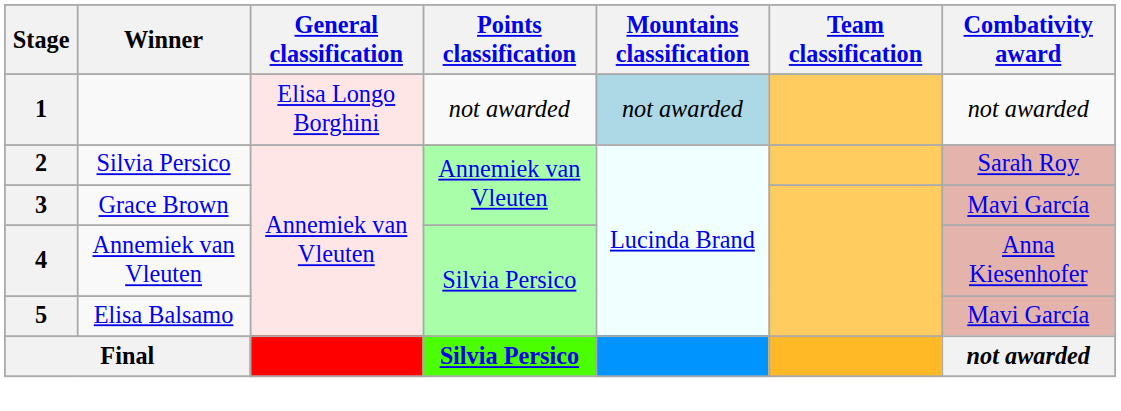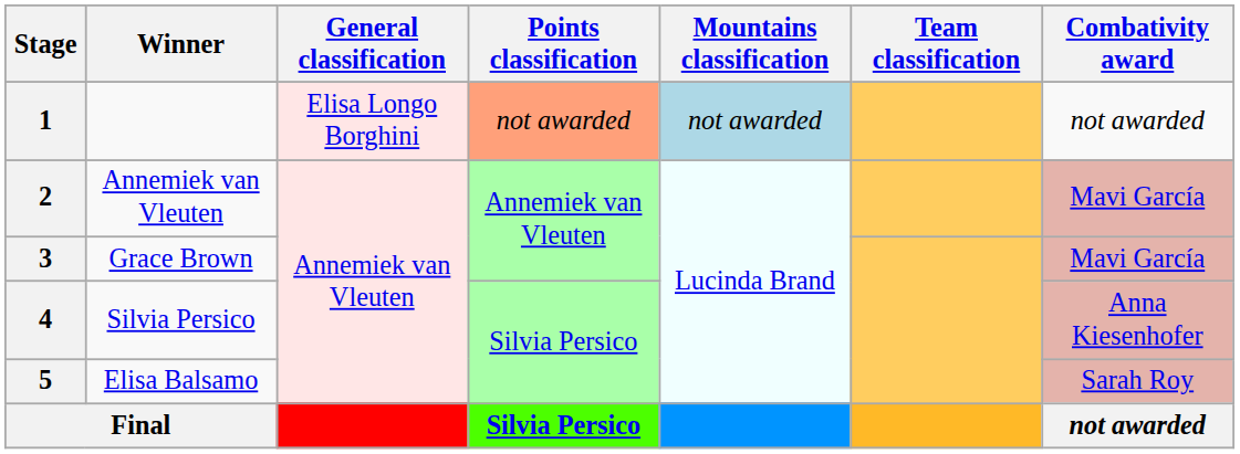 <table class="wikitable" style="text-align: center; font-size:smaller;">
 <tr style="background-color: #efefef;">
 <th scope="col" width="2%">Stage</th>
 <th scope="col" width="13%">Winner</th>
 <th scope="col" width="13%"><a href='#'>General classification</a><br></th>
 <th scope="col" width="13%"><a href='#'>Points classification</a><br></th>
 <th scope="col" width="13%"><a href='#'>Mountains classification</a><br></th>
 <th scope="col" width="13%"><a href='#'>Team classification</a><br></th>
 <th scope="col" width="13%"><a href='#'>Combativity award</a><br></th>
 </tr>
 <tr>
 <th>1</th>
 <td></td>
 <td style="background:#FFE6E6;"><a href='#'>Elisa Longo Borghini</a></td>
-<td><em>not awarded</em></td>
+<td style="background: lightsalmon;"><em>not awarded</em></td>
 <td style="background: lightblue;"><em>not awarded</em></td>
 <td style="background:#FFCD5F;"></td>
 <td><em>not awarded</em></td>
 </tr>
 <tr>
 <th>2</th>
-<td><a href='#'>Silvia Persico</a></td>
+<td><a href='#'>Annemiek van Vleuten</a></td>
 <td rowspan="4" style="background:#FFE6E6;"><a href='#'>Annemiek van Vleuten</a></td>
 <td style="background:#A9FFA9;" rowspan="2"><a href='#'>Annemiek van Vleuten</a></td>
 <td style="background:azure;"   rowspan="4"><a href='#'>Lucinda Brand</a></td>
 <td style="background:#FFCD5F;"></td>
-<td style="background:#E4B3AB;"><a href='#'>Sarah Roy</a></td>
+<td style="background:#E4B3AB;"><a href='#'>Mavi García</a></td>
 </tr>
 <tr>
 <th>3</th>
 <td><a href='#'>Grace Brown</a></td>
 <td style="background:#FFCD5F;" rowspan="3"></td>
 <td style="background:#E4B3AB;"><a href='#'>Mavi García</a></td>
 </tr>
 <tr>
 <th>4</th>
-<td><a href='#'>Annemiek van Vleuten</a></td>
+<td><a href='#'>Silvia Persico</a></td>
 <td style="background:#A9FFA9;" rowspan="2"><a href='#'>Silvia Persico</a></td>
 <td style="background:#E4B3AB;"><a href='#'>Anna Kiesenhofer</a></td>
 </tr>
 <tr>
 <th>5</th>
 <td><a href='#'>Elisa Balsamo</a></td>
-<td style="background:#E4B3AB;"><a href='#'>Mavi García</a></td>
+<td style="background:#E4B3AB;"><a href='#'>Sarah Roy</a></td>
 </tr>
 <tr>
 <th colspan="2">Final</th>
 <th style="background:#f00;"></th>
 <th style="background:#4CFF00;"><a href='#'>Silvia Persico</a></th>
 <th style="background:#0094FF;"></th>
 <th style="background:#FFB927;"></th>
 <th><em>not awarded</em></th>
 </tr>
 </table>
